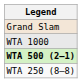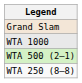 <table class=wikitable style=font-size:90%>
 <tr>
 <th>Legend</th>
 </tr>
 <tr>
 <td bgcolor=f3e6d7>Grand Slam</td>
 </tr>
 <tr>
 <td bgcolor=#e9e9e9>WTA 1000</td>
 </tr>
 <tr>
-<td bgcolor=#d4f1c5><strong>WTA 500 (2–1)</strong></td>
+<td bgcolor=#d4f1c5>WTA 500 (2–1)</td>
 </tr>
 <tr>
 <td>WTA 250 (8–8)</td>
 </tr>
 </table>
